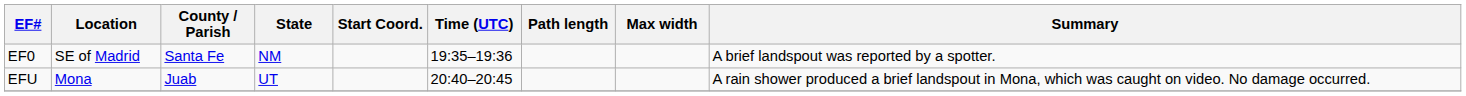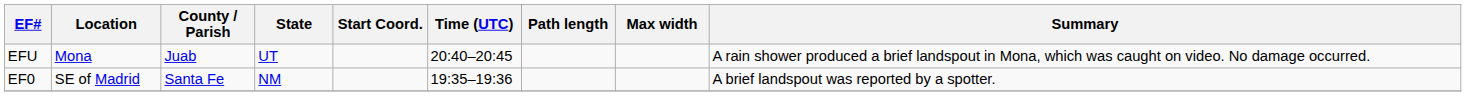 <table class="wikitable sortable" style="width:100%;">
 <tr>
 <th scope="col"  style="width:3%; text-align:center;"><a href='#'>EF#</a></th>
 <th scope="col"  style="width:7%; text-align:center;" class="unsortable">Location</th>
 <th scope="col"  style="width:6%; text-align:center;" class="unsortable">County / Parish</th>
 <th scope="col"  style="width:5%; text-align:center;">State</th>
 <th scope="col"  style="width:6%; text-align:center;">Start Coord.</th>
 <th scope="col"  style="width:6%; text-align:center;">Time (<a href='#'>UTC</a>)</th>
 <th scope="col"  style="width:6%; text-align:center;">Path length</th>
 <th scope="col"  style="width:6%; text-align:center;">Max width</th>
 <th scope="col" class="unsortable" style="width:48%; text-align:center;">Summary</th>
 </tr>
 <tr>
+<td>EFU</td>
+<td><a href='#'>Mona</a></td>
+<td><a href='#'>Juab</a></td>
+<td><a href='#'>UT</a></td>
+<td></td>
+<td>20:40–20:45</td>
+<td></td>
+<td></td>
+<td>A rain shower produced a brief landspout in Mona, which was caught on video. No damage occurred.</td>
+</tr>
+<tr>
 <td>EF0</td>
 <td>SE of <a href='#'>Madrid</a></td>
 <td><a href='#'>Santa Fe</a></td>
 <td><a href='#'>NM</a></td>
 <td></td>
 <td>19:35–19:36</td>
 <td></td>
 <td></td>
 <td>A brief landspout was reported by a spotter.</td>
 </tr>
 <tr>
-<td>EFU</td>
-<td><a href='#'>Mona</a></td>
-<td><a href='#'>Juab</a></td>
-<td><a href='#'>UT</a></td>
-<td></td>
-<td>20:40–20:45</td>
-<td></td>
-<td></td>
-<td>A rain shower produced a brief landspout in Mona, which was caught on video. No damage occurred.</td>
-</tr>
-<tr>
 </tr>
 </table>
